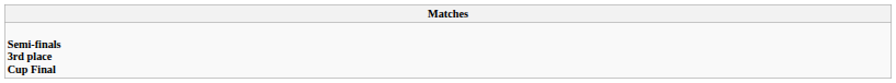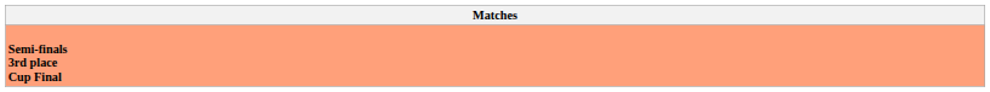 <table class="wikitable collapsible collapsed" style="width:100%;">
 <tr>
 <th>Matches</th>
 </tr>
 <tr>
-<td><br><strong>Semi-finals</strong>  <br><strong>3rd place</strong> <br><strong>Cup Final</strong> </td>
+<td style="background: lightsalmon;"><br><strong>Semi-finals</strong>  <br><strong>3rd place</strong> <br><strong>Cup Final</strong> </td>
 </tr>
 </table>
